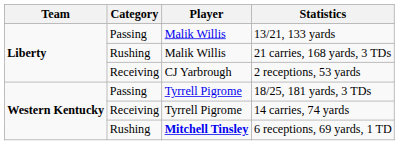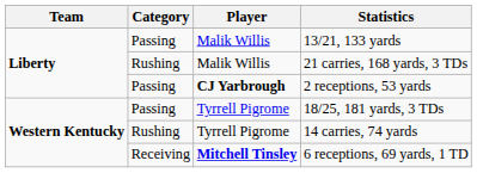 <table class="wikitable" style="float: left;">
 <tr>
 <th>Team</th>
 <th>Category</th>
 <th>Player</th>
 <th>Statistics</th>
 </tr>
 <tr>
 <td rowspan=3><strong>Liberty</strong></td>
 <td>Passing</td>
 <td><a href='#'>Malik Willis</a></td>
 <td>13/21, 133 yards</td>
 </tr>
 <tr>
 <td>Rushing</td>
 <td>Malik Willis</td>
 <td>21 carries, 168 yards, 3 TDs</td>
 </tr>
 <tr>
-<td>Receiving</td>
-<td>CJ Yarbrough</td>
+<td>Passing</td>
+<td><strong>CJ Yarbrough</strong></td>
 <td>2 receptions, 53 yards</td>
 </tr>
 <tr>
 <td rowspan=3><strong>Western Kentucky</strong></td>
 <td>Passing</td>
 <td><a href='#'>Tyrrell Pigrome</a></td>
 <td>18/25, 181 yards, 3 TDs</td>
 </tr>
 <tr>
-<td>Receiving</td>
+<td>Rushing</td>
 <td>Tyrrell Pigrome</td>
 <td>14 carries, 74 yards</td>
 </tr>
 <tr>
-<td>Rushing</td>
+<td>Receiving</td>
 <td><strong><a href='#'>Mitchell Tinsley</a></strong></td>
 <td>6 receptions, 69 yards, 1 TD</td>
 </tr>
 </table>
